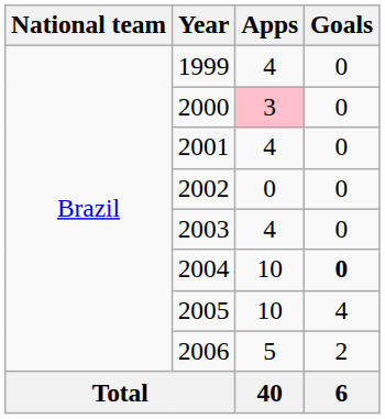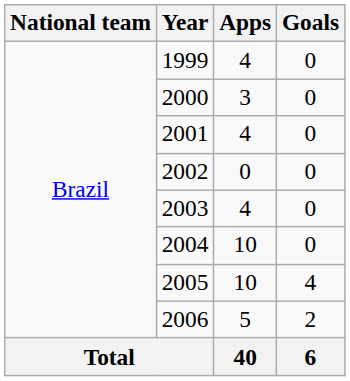 <table class="wikitable" style="text-align:center">
 <tr>
 <th>National team</th>
 <th>Year</th>
 <th>Apps</th>
 <th>Goals</th>
 </tr>
 <tr>
 <td rowspan="8"><a href='#'>Brazil</a></td>
 <td>1999</td>
 <td>4</td>
 <td>0</td>
 </tr>
 <tr>
 <td>2000</td>
-<td style="background: pink;">3</td>
+<td>3</td>
 <td>0</td>
 </tr>
 <tr>
 <td>2001</td>
 <td>4</td>
 <td>0</td>
 </tr>
 <tr>
 <td>2002</td>
 <td>0</td>
 <td>0</td>
 </tr>
 <tr>
 <td>2003</td>
 <td>4</td>
 <td>0</td>
 </tr>
 <tr>
 <td>2004</td>
 <td>10</td>
-<td><strong>0</strong></td>
+<td>0</td>
 </tr>
 <tr>
 <td>2005</td>
 <td>10</td>
 <td>4</td>
 </tr>
 <tr>
 <td>2006</td>
 <td>5</td>
 <td>2</td>
 </tr>
 <tr>
 <th colspan="2">Total</th>
 <th>40</th>
 <th>6</th>
 </tr>
 </table>
